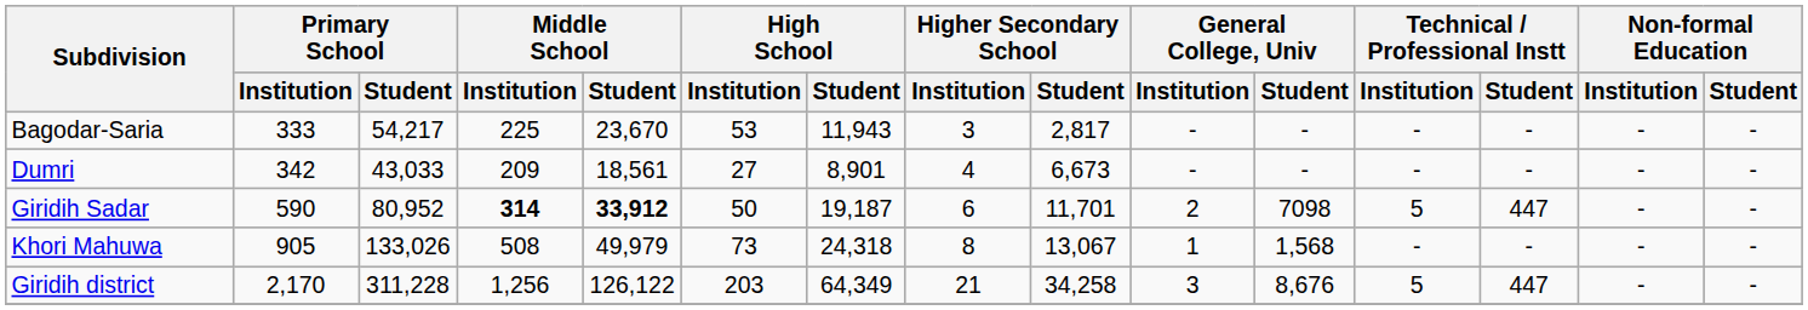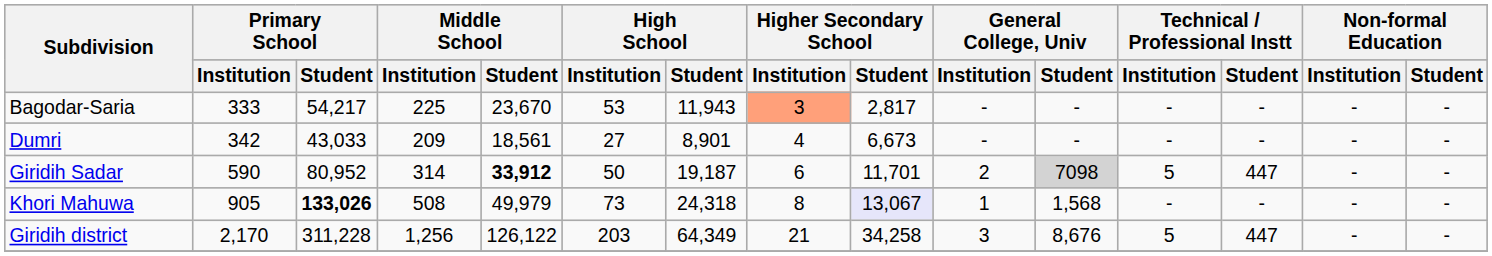 <table class="wikitable" style="text-align:center;font-size: 9pt">
 <tr>
 <th width="110" rowspan="2">Subdivision</th>
 <th colspan="2">Primary<br>School</th>
 <th colspan="2">Middle<br>School</th>
 <th colspan="2">High<br>School</th>
 <th colspan="2">Higher Secondary<br>School</th>
 <th colspan="2">General<br>College, Univ</th>
 <th colspan="2">Technical /<br>Professional Instt</th>
 <th colspan="2">Non-formal<br>Education</th>
 </tr>
 <tr>
 <th width="30">Institution</th>
 <th width="30">Student</th>
 <th width="30">Institution</th>
 <th width="30">Student</th>
 <th width="30">Institution</th>
 <th width="30">Student</th>
 <th width="30">Institution</th>
 <th width="30">Student</th>
 <th width="30">Institution</th>
 <th width="30">Student</th>
 <th width="30">Institution</th>
 <th width="30">Student</th>
 <th width="30">Institution</th>
 <th width="30">Student<br></th>
 </tr>
 <tr>
 <td align=left>Bagodar-Saria</td>
 <td align="center">333</td>
 <td align="center">54,217</td>
 <td align="center">225</td>
 <td align="center">23,670</td>
 <td align="center">53</td>
 <td align="center">11,943</td>
-<td align="center">3</td>
+<td align="center" style="background: lightsalmon;">3</td>
 <td align="center">2,817</td>
 <td align="center">-</td>
 <td align="center">-</td>
 <td align="center">-</td>
 <td align="center">-</td>
 <td align="center">-</td>
 <td align="center">-</td>
 </tr>
 <tr>
 <td align=left><a href='#'>Dumri</a></td>
 <td align="center">342</td>
 <td align="center">43,033</td>
 <td align="center">209</td>
 <td align="center">18,561</td>
 <td align="center">27</td>
 <td align="center">8,901</td>
 <td align="center">4</td>
 <td align="center">6,673</td>
 <td align="center">-</td>
 <td align="center">-</td>
 <td align="center">-</td>
 <td align="center">-</td>
 <td align="center">-</td>
 <td align="center">-</td>
 </tr>
 <tr>
 <td align=left><a href='#'>Giridih Sadar</a></td>
 <td align="center">590</td>
 <td align="center">80,952</td>
-<td align="center"><strong>314</strong></td>
+<td align="center">314</td>
 <td align="center"><strong>33,912</strong></td>
 <td align="center">50</td>
 <td align="center">19,187</td>
 <td align="center">6</td>
 <td align="center">11,701</td>
 <td align="center">2</td>
-<td align="center">7098</td>
+<td align="center" style="background: lightgrey;">7098</td>
 <td align="center">5</td>
 <td align="center">447</td>
 <td align="center">-</td>
 <td align="center">-</td>
 </tr>
 <tr>
 <td align=left><a href='#'>Khori Mahuwa</a></td>
 <td align="center">905</td>
-<td align="center">133,026</td>
+<td align="center"><strong>133,026</strong></td>
 <td align="center">508</td>
 <td align="center">49,979</td>
 <td align="center">73</td>
 <td align="center">24,318</td>
 <td align="center">8</td>
-<td align="center">13,067</td>
+<td align="center" style="background: lavender;">13,067</td>
 <td align="center">1</td>
 <td align="center">1,568</td>
 <td align="center">-</td>
 <td align="center">-</td>
 <td align="center">-</td>
 <td align="center">-</td>
 </tr>
 <tr>
 <td align=left><a href='#'>Giridih district</a></td>
 <td align="center">2,170</td>
 <td align="center">311,228</td>
 <td align="center">1,256</td>
 <td align="center">126,122</td>
 <td align="center">203</td>
 <td align="center">64,349</td>
 <td align="center">21</td>
 <td align="center">34,258</td>
 <td align="center">3</td>
 <td align="center">8,676</td>
 <td align="center">5</td>
 <td align="center">447</td>
 <td align="center">-</td>
 <td align="center">-</td>
 </tr>
 <tr>
 </tr>
 </table>
